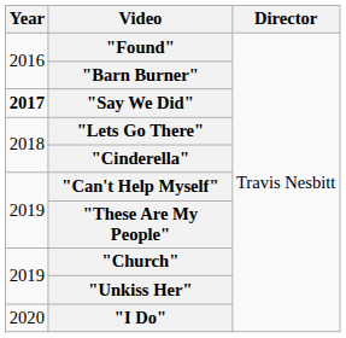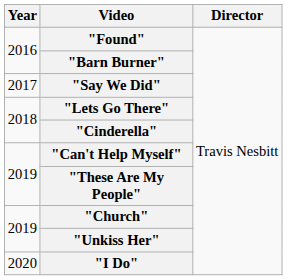 <table class="wikitable plainrowheaders">
 <tr>
 <th>Year</th>
 <th style="width:10em;">Video</th>
 <th>Director</th>
 </tr>
 <tr>
 <td rowspan="2">2016</td>
 <th scope="row">"Found"</th>
 <td rowspan="10">Travis Nesbitt</td>
 </tr>
 <tr>
 <th scope="row">"Barn Burner"</th>
 </tr>
 <tr>
-<td><strong>2017</strong></td>
+<td>2017</td>
 <th scope="row">"Say We Did"</th>
 </tr>
 <tr>
 <td rowspan="2">2018</td>
 <th scope="row">"Lets Go There"</th>
 </tr>
 <tr>
 <th scope="row">"Cinderella"</th>
 </tr>
 <tr>
 <td rowspan="2">2019</td>
 <th scope="row">"Can't Help Myself"</th>
 </tr>
 <tr>
 <th scope="row">"These Are My People"</th>
 </tr>
 <tr>
 <td rowspan="2">2019</td>
 <th scope="row">"Church"</th>
 </tr>
 <tr>
 <th scope="row">"Unkiss Her"</th>
 </tr>
 <tr>
 <td rowspan="2">2020</td>
 <th scope="row">"I Do"</th>
 </tr>
 </table>
